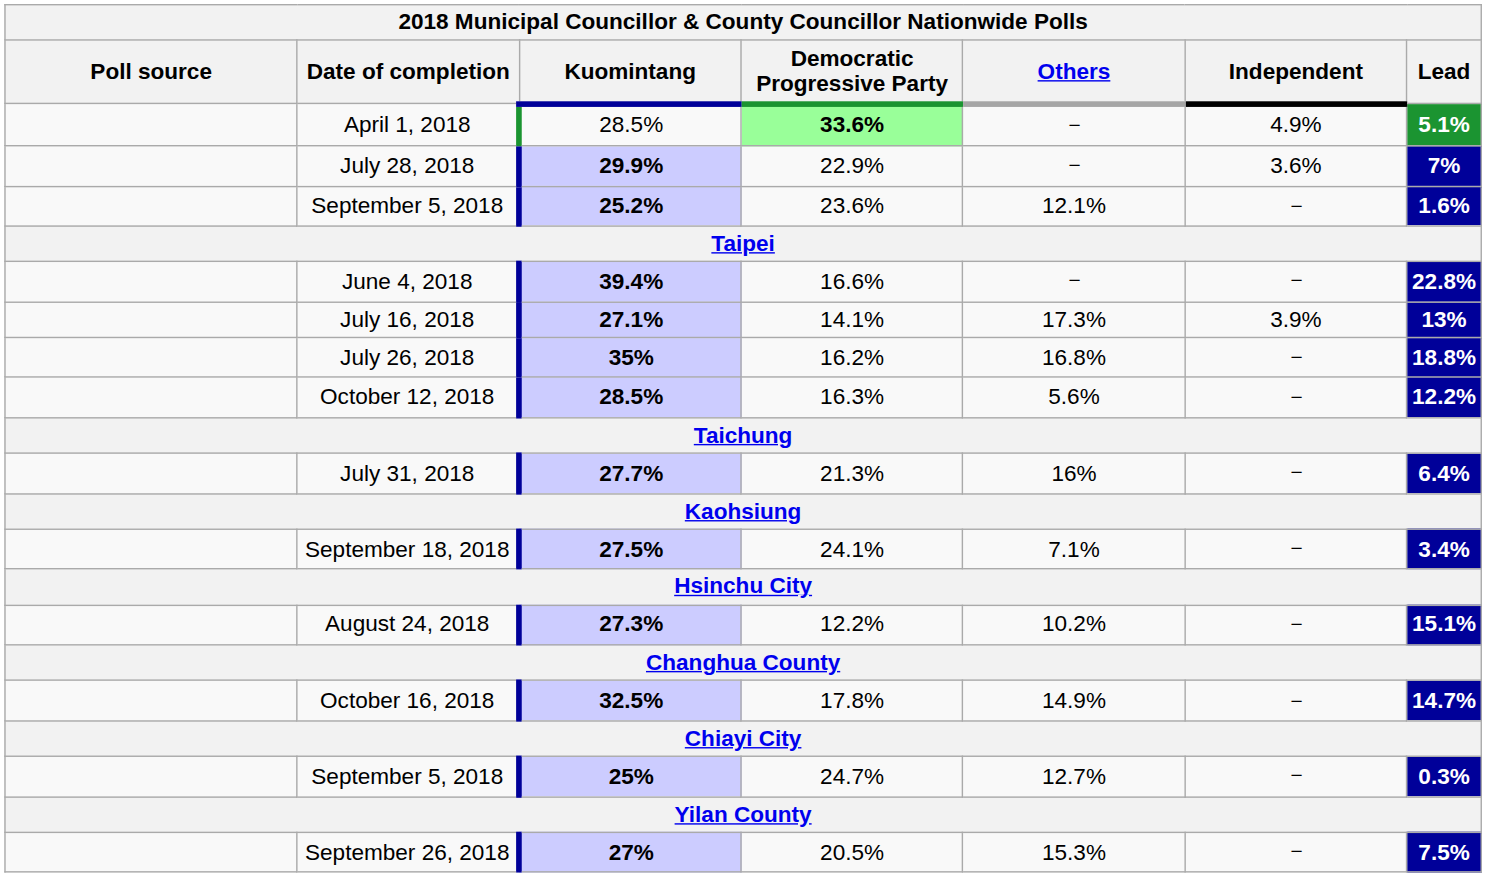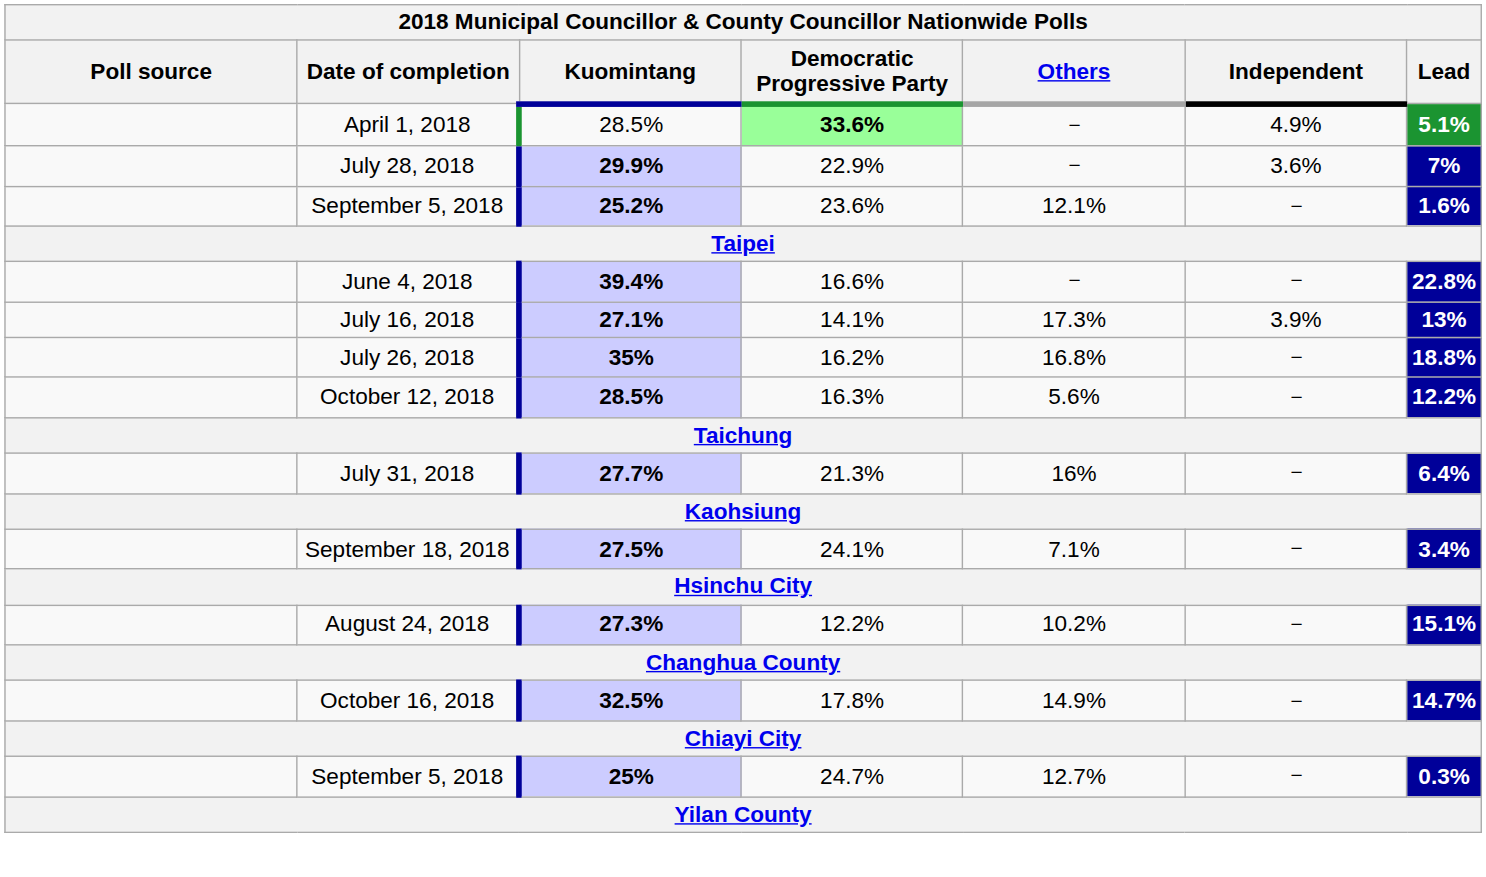 <table class="wikitable collapsible" style="text-align:center; margin:auto">
 <tr>
 <th colspan="7">2018 Municipal Councillor & County Councillor Nationwide Polls</th>
 </tr>
 <tr>
 <th style="width:200px;">Poll source</th>
 <th style="width:150px;">Date of completion</th>
 <th style="width:150px; border-bottom:4px solid #000099;">Kuomintang</th>
 <th style="width:150px; border-bottom:4px solid #1B9431;">Democratic Progressive Party</th>
 <th style="width:150px; border-bottom:4px solid #A6A6A6;"><a href='#'>Others</a></th>
 <th style="width:150px; border-bottom:4px solid #000000;">Independent</th>
 <th style="width:40px;">Lead</th>
 </tr>
 <tr>
 <td></td>
 <td>April 1, 2018</td>
 <td style="border-left:4px solid #1B9431;">28.5%</td>
 <td style="background-color:#99FF99"><strong>33.6%</strong></td>
 <td>－</td>
 <td>4.9%</td>
 <td style="background:#1B9431; color:white"><strong>5.1%</strong></td>
 </tr>
 <tr>
 <td></td>
 <td>July 28, 2018</td>
 <td style="background-color:#CCCCFF; border-left:4px solid #000099;"><strong>29.9%</strong></td>
 <td>22.9%</td>
 <td>－</td>
 <td>3.6%</td>
 <td style="background:#000099; color:white"><strong>7%</strong></td>
 </tr>
 <tr>
 <td></td>
 <td>September 5, 2018</td>
 <td style="background-color:#CCCCFF; border-left:4px solid #000099;"><strong>25.2%</strong></td>
 <td>23.6%</td>
 <td>12.1%</td>
 <td>－</td>
 <td style="background:#000099; color:white"><strong>1.6%</strong></td>
 </tr>
 <tr>
 <th colspan="7" width=620><a href='#'>Taipei</a></th>
 </tr>
 <tr>
 <td></td>
 <td>June 4, 2018</td>
 <td style="background-color:#CCCCFF; border-left:4px solid #000099;"><strong>39.4%</strong></td>
 <td>16.6%</td>
 <td>－</td>
 <td>－</td>
 <td style="background:#000099; color:white"><strong>22.8%</strong></td>
 </tr>
 <tr>
 <td></td>
 <td>July 16, 2018</td>
 <td style="background-color:#CCCCFF; border-left:4px solid #000099;"><strong>27.1%</strong></td>
 <td>14.1%</td>
 <td>17.3%</td>
 <td>3.9%</td>
 <td style="background:#000099; color:white"><strong>13%</strong></td>
 </tr>
 <tr>
 <td> </td>
 <td>July 26, 2018</td>
 <td style="background-color:#CCCCFF; border-left:4px solid #000099;"><strong>35%</strong></td>
 <td>16.2%</td>
 <td>16.8%</td>
 <td>－</td>
 <td style="background:#000099; color:white"><strong>18.8%</strong></td>
 </tr>
 <tr>
 <td></td>
 <td>October 12, 2018</td>
 <td style="background-color:#CCCCFF; border-left:4px solid #000099;"><strong>28.5%</strong></td>
 <td>16.3%</td>
 <td>5.6%</td>
 <td>－</td>
 <td style="background:#000099; color:white"><strong>12.2%</strong></td>
 </tr>
 <tr>
 <th colspan="7" width=620><a href='#'>Taichung</a></th>
 </tr>
 <tr>
 <td></td>
 <td>July 31, 2018</td>
 <td style="background-color:#CCCCFF; border-left:4px solid #000099;"><strong>27.7%</strong></td>
 <td>21.3%</td>
 <td>16%</td>
 <td>－</td>
 <td style="background:#000099; color:white"><strong>6.4%</strong></td>
 </tr>
 <tr>
 <th colspan="7" width=620><a href='#'>Kaohsiung</a></th>
 </tr>
 <tr>
 <td></td>
 <td>September 18, 2018</td>
 <td style="background-color:#CCCCFF; border-left:4px solid #000099;"><strong>27.5%</strong></td>
 <td>24.1%</td>
 <td>7.1%</td>
 <td>－</td>
 <td style="background:#000099; color:white"><strong>3.4%</strong></td>
 </tr>
 <tr>
 <th colspan="7" width=620><a href='#'>Hsinchu City</a></th>
 </tr>
 <tr>
 <td></td>
 <td>August 24, 2018</td>
 <td style="background-color:#CCCCFF; border-left:4px solid #000099;"><strong>27.3%</strong></td>
 <td>12.2%</td>
 <td>10.2%</td>
 <td>－</td>
 <td style="background:#000099; color:white"><strong>15.1%</strong></td>
 </tr>
 <tr>
 <th colspan="7" width=620><a href='#'>Changhua County</a></th>
 </tr>
 <tr>
 <td></td>
 <td>October 16, 2018</td>
 <td style="background-color:#CCCCFF; border-left:4px solid #000099;"><strong>32.5%</strong></td>
 <td>17.8%</td>
 <td>14.9%</td>
 <td>－</td>
 <td style="background:#000099; color:white"><strong>14.7%</strong></td>
 </tr>
 <tr>
 <th colspan="7" width=620><a href='#'>Chiayi City</a></th>
 </tr>
 <tr>
 <td></td>
 <td>September 5, 2018</td>
 <td style="background-color:#CCCCFF; border-left:4px solid #000099;"><strong>25%</strong></td>
 <td>24.7%</td>
 <td>12.7%</td>
 <td>－</td>
 <td style="background:#000099; color:white"><strong>0.3%</strong></td>
 </tr>
 <tr>
 <th colspan="7" width=620><a href='#'>Yilan County</a></th>
 </tr>
-<tr>
-<td></td>
-<td>September 26, 2018</td>
-<td style="background-color:#CCCCFF; border-left:4px solid #000099;"><strong>27%</strong></td>
-<td>20.5%</td>
-<td>15.3%</td>
-<td>－</td>
-<td style="background:#000099; color:white"><strong>7.5%</strong></td>
-</tr>
 </table>
